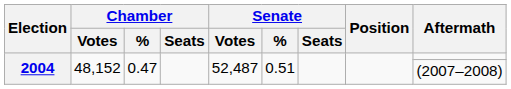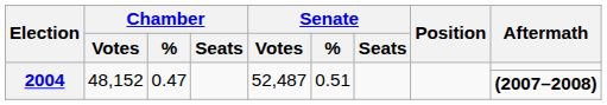 <table class="wikitable" style="text-align: right;">
 <tr>
 <th rowspan="2">Election</th>
 <th colspan="3"><a href='#'>Chamber</a></th>
 <th colspan="3"><a href='#'>Senate</a></th>
 <th rowspan="2">Position</th>
 <th rowspan="2">Aftermath</th>
 </tr>
 <tr>
 <th>Votes</th>
 <th>%</th>
 <th>Seats</th>
 <th>Votes</th>
 <th>%</th>
 <th>Seats</th>
 </tr>
 <tr>
 <th rowspan=2><a href='#'>2004</a></th>
 <td rowspan=2>48,152</td>
 <td rowspan=2>0.47</td>
 <td rowspan=2></td>
 <td rowspan=2>52,487</td>
 <td rowspan=2>0.51</td>
 <td rowspan=2></td>
 <td rowspan=2; style="text-align: center;"></td>
 <td></td>
 </tr>
 <tr>
-<td> (2007–2008)</td>
+<td><strong> (2007–2008)</strong></td>
 </tr>
 </table>
